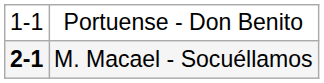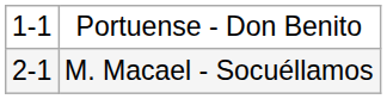 <table class="wikitable">
 <tr align=center bgcolor=white>
 <td>1-1</td>
 <td>Portuense - Don Benito</td>
 </tr>
 <tr align=center bgcolor=#F5F5F5>
-<td><strong>2-1</strong></td>
+<td>2-1</td>
 <td>M. Macael - Socuéllamos</td>
 </tr>
 </table>
